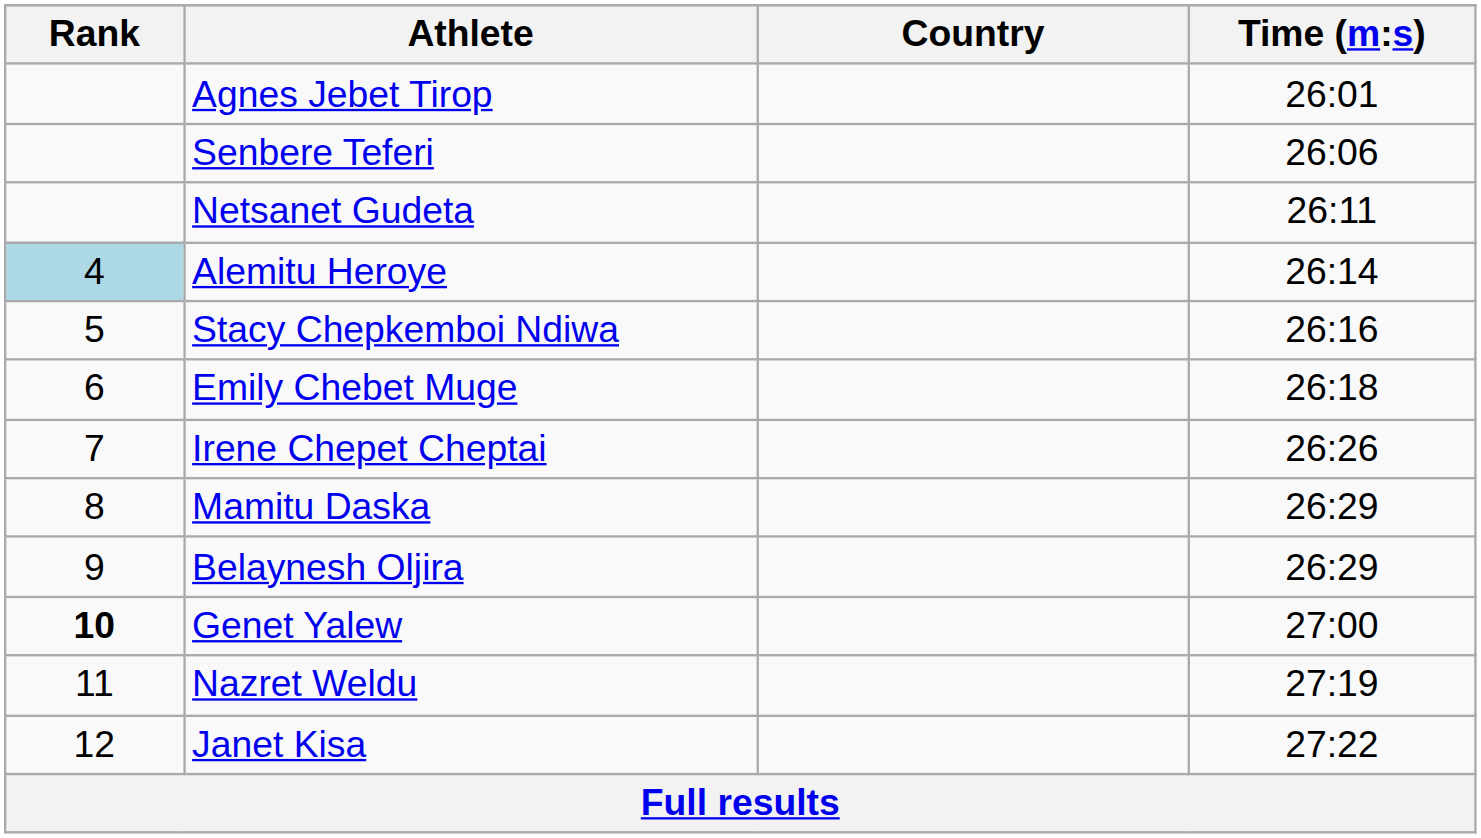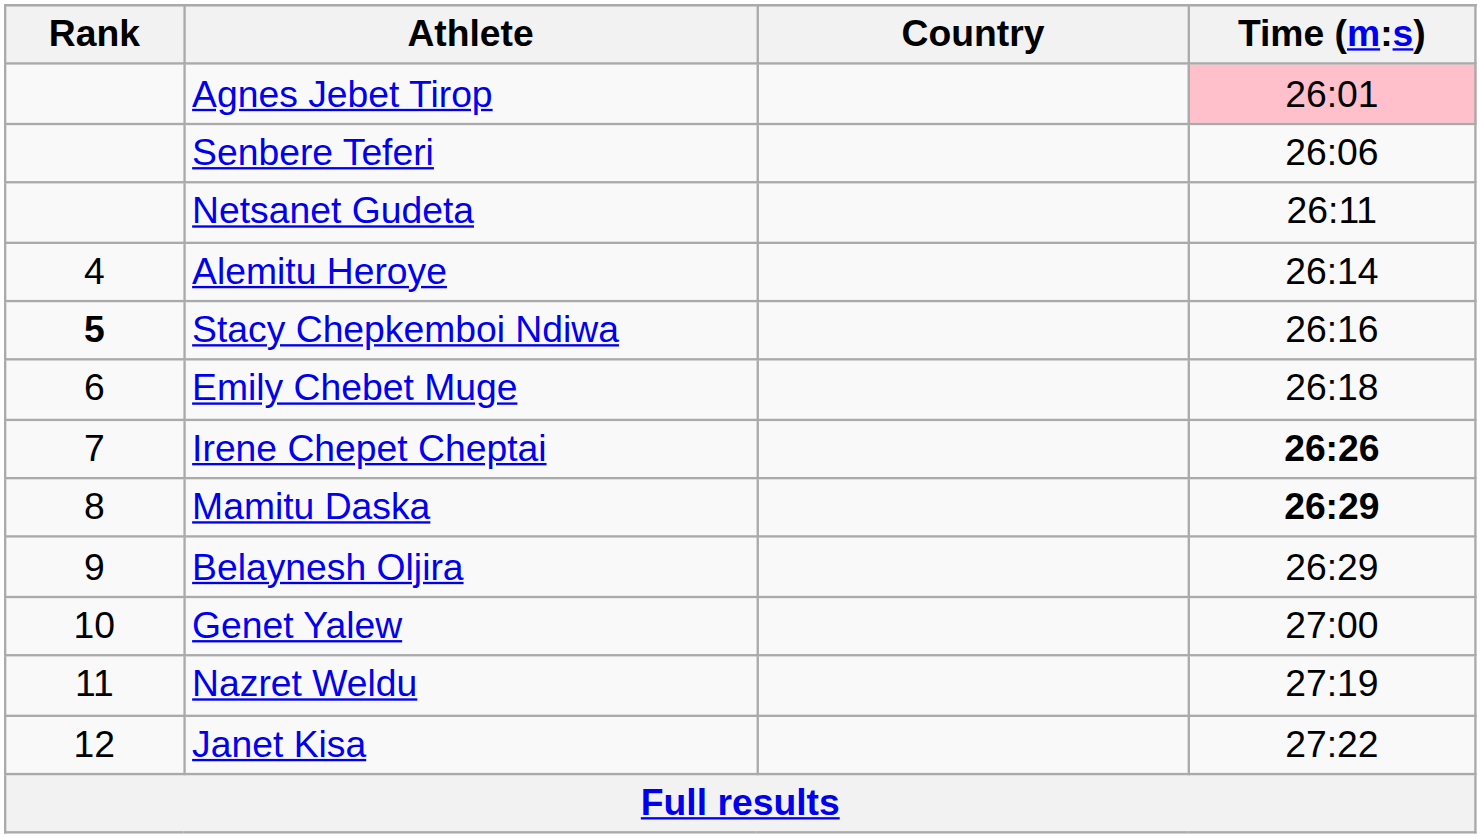 <table class="wikitable" style="text-align:center;" width="50%">
 <tr>
 </tr>
 <tr>
 <th width=5%>Rank</th>
 <th width=20%>Athlete</th>
 <th width=15%>Country</th>
 <th width=10%>Time (<a href='#'>m</a>:<a href='#'>s</a>)</th>
 </tr>
 <tr>
 <td align=center></td>
 <td align=left><a href='#'>Agnes Jebet Tirop</a></td>
 <td align=left></td>
-<td>26:01</td>
+<td style="background: pink;">26:01</td>
 </tr>
 <tr>
 <td align=center></td>
 <td align=left><a href='#'>Senbere Teferi</a></td>
 <td align=left></td>
 <td>26:06</td>
 </tr>
 <tr>
 <td align=center></td>
 <td align=left><a href='#'>Netsanet Gudeta</a></td>
 <td align=left></td>
 <td>26:11</td>
 </tr>
 <tr>
-<td align=center style="background: lightblue;">4</td>
+<td align=center>4</td>
 <td align=left><a href='#'>Alemitu Heroye</a></td>
 <td align=left></td>
 <td>26:14</td>
 </tr>
 <tr>
-<td align=center>5</td>
+<td align=center><strong>5</strong></td>
 <td align=left><a href='#'>Stacy Chepkemboi Ndiwa</a></td>
 <td align=left></td>
 <td>26:16</td>
 </tr>
 <tr>
 <td align=center>6</td>
 <td align=left><a href='#'>Emily Chebet Muge</a></td>
 <td align=left></td>
 <td>26:18</td>
 </tr>
 <tr>
 <td align=center>7</td>
 <td align=left><a href='#'>Irene Chepet Cheptai</a></td>
 <td align=left></td>
-<td>26:26</td>
+<td><strong>26:26</strong></td>
 </tr>
 <tr>
 <td align=center>8</td>
 <td align=left><a href='#'>Mamitu Daska</a></td>
 <td align=left></td>
-<td>26:29</td>
+<td><strong>26:29</strong></td>
 </tr>
 <tr>
 <td align=center>9</td>
 <td align=left><a href='#'>Belaynesh Oljira</a></td>
 <td align=left></td>
 <td>26:29</td>
 </tr>
 <tr>
-<td align=center><strong>10</strong></td>
+<td align=center>10</td>
 <td align=left><a href='#'>Genet Yalew</a></td>
 <td align=left></td>
 <td>27:00</td>
 </tr>
 <tr>
 <td align=center>11</td>
 <td align=left><a href='#'>Nazret Weldu</a></td>
 <td align=left></td>
 <td>27:19</td>
 </tr>
 <tr>
 <td align=center>12</td>
 <td align=left><a href='#'>Janet Kisa</a></td>
 <td align=left></td>
 <td>27:22</td>
 </tr>
 <tr class="sortbottom">
 <th colspan=4 align=center><a href='#'>Full results</a></th>
 </tr>
 </table>
